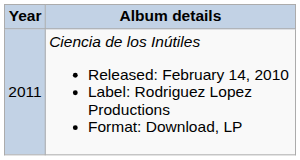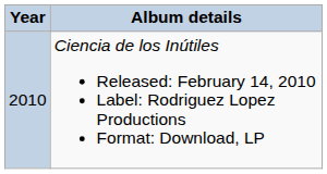 <table class ="wikitable">
 <tr>
 <th width="35" style="background: #c2d2e5">Year</th>
 <th width="250" style="background: #c2d2e5">Album details</th>
 </tr>
 <tr>
-<td style="background: #c2d2e5; text-align: center">2011</td>
+<td style="background: #c2d2e5; text-align: center">2010</td>
 <td><em>Ciencia de los Inútiles</em><br><ul><li>Released: February 14, 2010</li><li>Label: Rodriguez Lopez Productions</li><li>Format: Download, LP</li></ul></td>
 </tr>
 </table>
